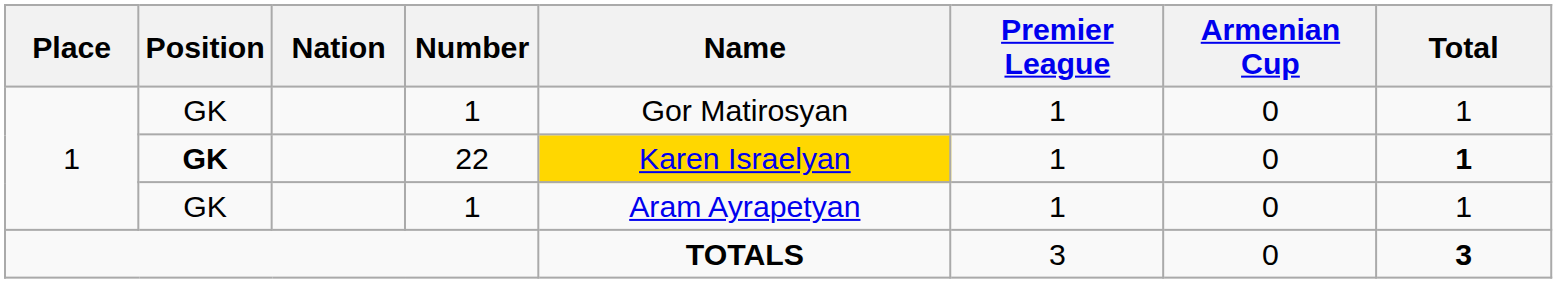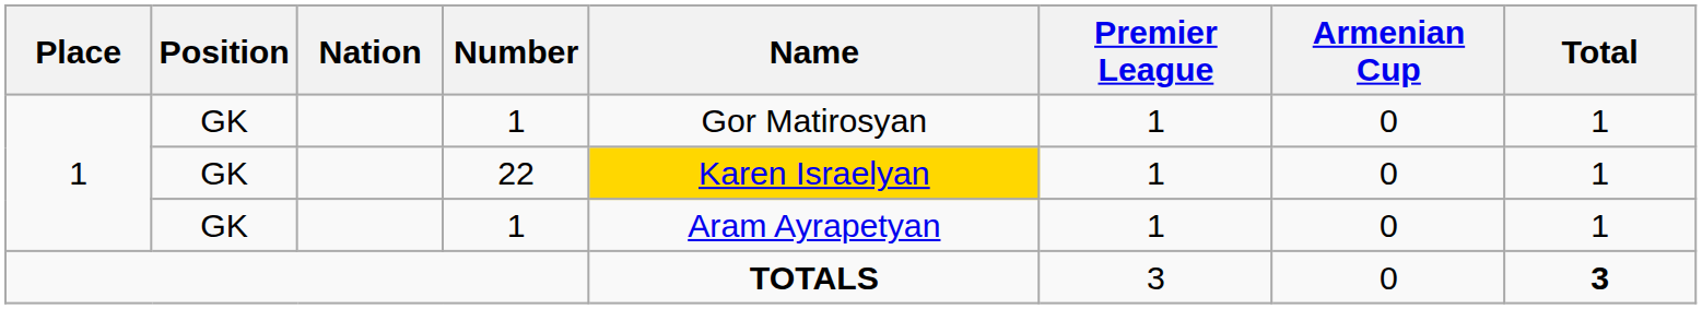 <table class="wikitable" style="font-size: 95%; text-align: center;">
 <tr>
 <th width=60>Place</th>
 <th width=60>Position</th>
 <th width=60>Nation</th>
 <th width=60>Number</th>
 <th width=200>Name</th>
 <th width=100><a href='#'>Premier League</a></th>
 <th width=100><a href='#'>Armenian Cup</a></th>
 <th width=80><strong>Total</strong></th>
 </tr>
 <tr>
 <td rowspan=3>1</td>
 <td>GK</td>
 <td></td>
 <td>1</td>
 <td>Gor Matirosyan</td>
 <td>1</td>
 <td>0</td>
 <td>1</td>
 </tr>
 <tr>
-<td><strong>GK</strong></td>
+<td>GK</td>
 <td></td>
 <td>22</td>
 <td style="background: gold;"><a href='#'>Karen Israelyan</a></td>
 <td>1</td>
 <td>0</td>
-<td><strong>1</strong></td>
+<td>1</td>
 </tr>
 <tr>
 <td>GK</td>
 <td></td>
 <td>1</td>
 <td><a href='#'>Aram Ayrapetyan</a></td>
 <td>1</td>
 <td>0</td>
 <td>1</td>
 </tr>
 <tr>
 <td colspan=4></td>
 <td><strong>TOTALS</strong></td>
 <td>3</td>
 <td>0</td>
 <td><strong>3</strong></td>
 </tr>
 </table>
